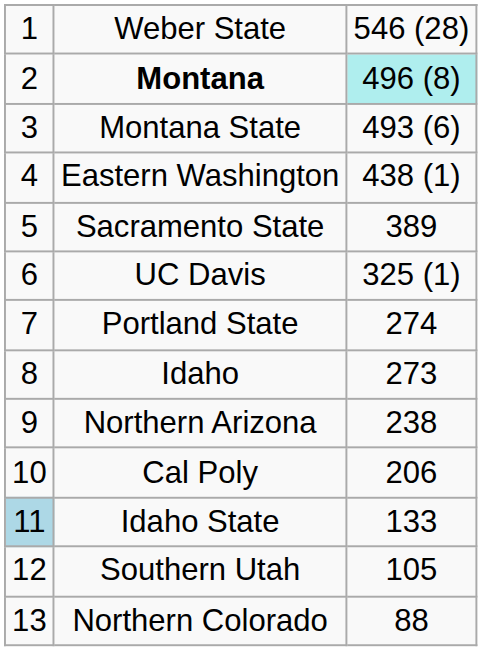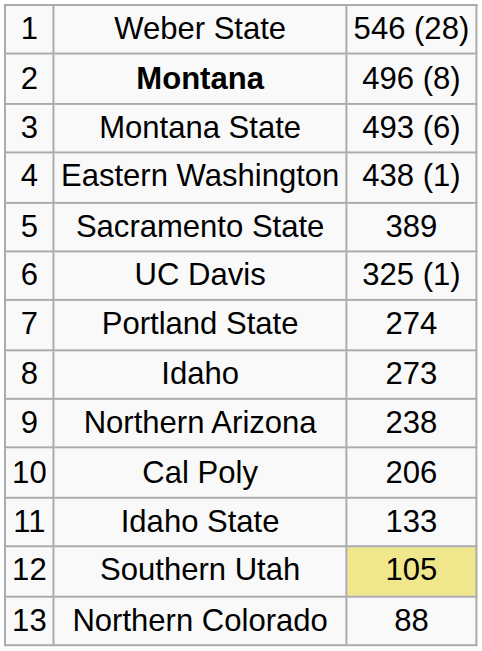 <table class="wikitable" style="display: inline-table;">
 <tr align="center">
 </tr>
 <tr align="center">
 <td>1</td>
 <td>Weber State</td>
 <td>546 (28)</td>
 </tr>
 <tr align="center">
 <td>2</td>
 <td><strong>Montana</strong></td>
-<td style="background: paleturquoise;">496 (8)</td>
+<td>496 (8)</td>
 </tr>
 <tr align="center">
 <td>3</td>
 <td>Montana State</td>
 <td>493 (6)</td>
 </tr>
 <tr align="center">
 <td>4</td>
 <td>Eastern Washington</td>
 <td>438 (1)</td>
 </tr>
 <tr align="center">
 <td>5</td>
 <td>Sacramento State</td>
 <td>389</td>
 </tr>
 <tr align="center">
 <td>6</td>
 <td>UC Davis</td>
 <td>325 (1)</td>
 </tr>
 <tr align="center">
 <td>7</td>
 <td>Portland State</td>
 <td>274</td>
 </tr>
 <tr align="center">
 <td>8</td>
 <td>Idaho</td>
 <td>273</td>
 </tr>
 <tr align="center">
 <td>9</td>
 <td>Northern Arizona</td>
 <td>238</td>
 </tr>
 <tr align="center">
 <td>10</td>
 <td>Cal Poly</td>
 <td>206</td>
 </tr>
 <tr align="center">
-<td style="background: lightblue;">11</td>
+<td>11</td>
 <td>Idaho State</td>
 <td>133</td>
 </tr>
 <tr align="center">
 <td>12</td>
 <td>Southern Utah</td>
-<td>105</td>
+<td style="background: khaki;">105</td>
 </tr>
 <tr align="center">
 <td>13</td>
 <td>Northern Colorado</td>
 <td>88</td>
 </tr>
 </table>
